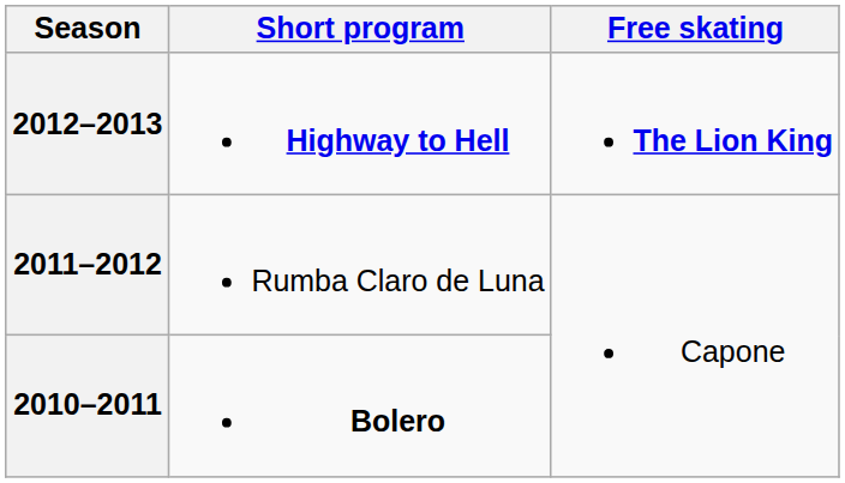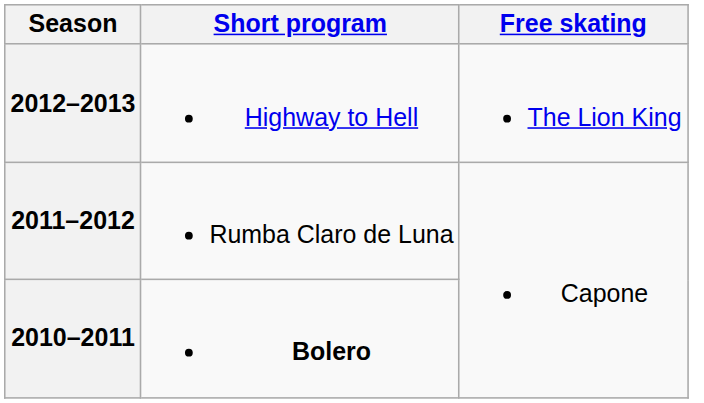 <table class=wikitable style=text-align:center>
 <tr>
 <th>Season</th>
 <th><a href='#'>Short program</a></th>
 <th><a href='#'>Free skating</a></th>
 </tr>
 <tr>
 <th>2012–2013 <br> </th>
-<td><strong><br><ul><li><a href='#'>Highway to Hell</a> <br></li></ul></strong></td>
-<td><strong><br><ul><li><a href='#'>The Lion King</a> <br></li></ul></strong></td>
+<td><br><ul><li><a href='#'>Highway to Hell</a> <br></li></ul></td>
+<td><br><ul><li><a href='#'>The Lion King</a> <br></li></ul></td>
 </tr>
 <tr>
 <th>2011–2012 <br> </th>
 <td><br><ul><li>Rumba Claro de Luna <br></li></ul></td>
 <td rowspan=2><br><ul><li>Capone <br></li></ul></td>
 </tr>
 <tr>
 <th>2010–2011 <br> </th>
 <td><strong><br><ul><li>Bolero <br></li></ul></strong></td>
 </tr>
 </table>
